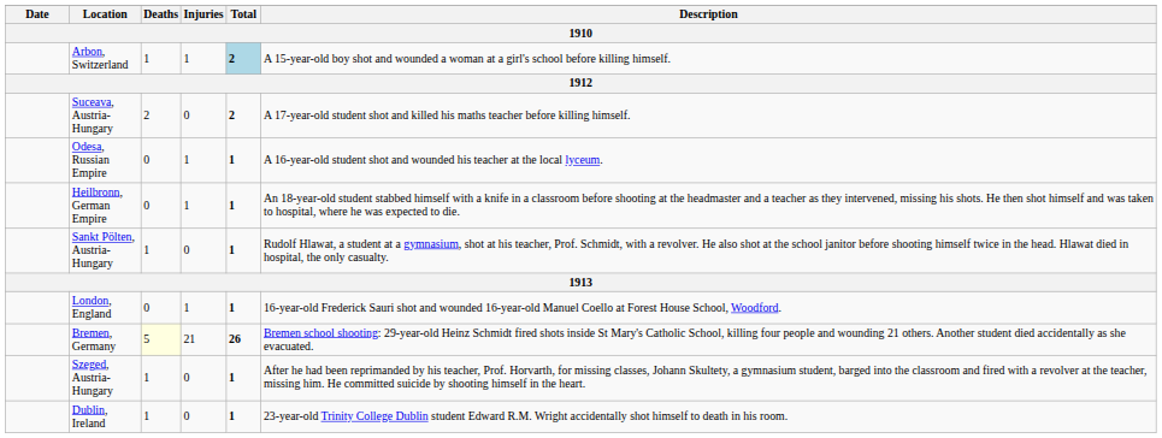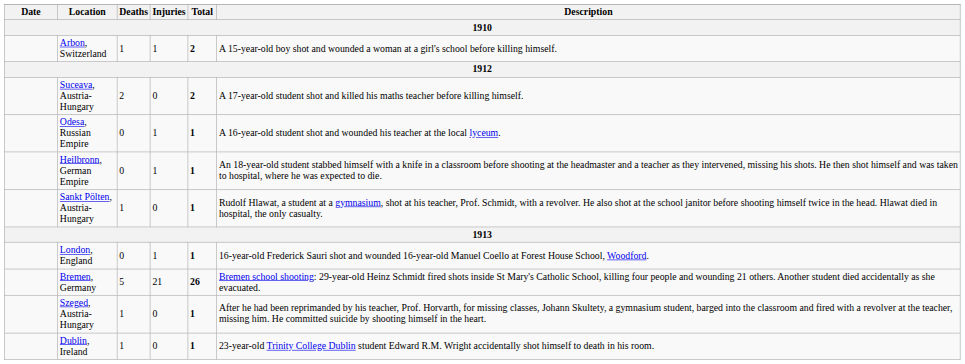 <table class="sortable wikitable" style="font-size:100%;" id="1910s">
 <tr>
 </tr>
 <tr>
 <th style="width:80px;">Date</th>
 <th style="width:90px;">Location</th>
 <th style="width:40px;">Deaths</th>
 <th style="width:40px;">Injuries</th>
 <th style="width:40px;">Total</th>
 <th class="unsortable">Description</th>
 </tr>
 <tr>
 <th colspan="7">1910 </th>
 </tr>
 <tr>
 <td></td>
 <td><a href='#'>Arbon</a>, Switzerland</td>
 <td>1</td>
 <td>1</td>
-<td style="background: lightblue;"><strong>2</strong></td>
+<td><strong>2</strong></td>
 <td>A 15-year-old boy shot and wounded a woman at a girl's school before killing himself.</td>
 </tr>
 <tr>
 <th colspan="7">1912 </th>
 </tr>
 <tr>
 <td></td>
 <td><a href='#'>Suceava</a>, Austria-Hungary</td>
 <td>2</td>
 <td>0</td>
 <td><strong>2</strong></td>
 <td>A 17-year-old student shot and killed his maths teacher before killing himself.</td>
 </tr>
 <tr>
 <td></td>
 <td><a href='#'>Odesa</a>, Russian Empire</td>
 <td>0</td>
 <td>1</td>
 <td><strong>1</strong></td>
 <td>A 16-year-old student shot and wounded his teacher at the local <a href='#'>lyceum</a>.</td>
 </tr>
 <tr>
 <td></td>
 <td><a href='#'>Heilbronn</a>, German Empire</td>
 <td>0</td>
 <td>1</td>
 <td><strong>1</strong></td>
 <td>An 18-year-old student stabbed himself with a knife in a classroom before shooting at the headmaster and a teacher as they intervened, missing his shots. He then shot himself and was taken to hospital, where he was expected to die.</td>
 </tr>
 <tr>
 <td></td>
 <td><a href='#'>Sankt Pölten</a>, Austria-Hungary</td>
 <td>1</td>
 <td>0</td>
 <td><strong>1</strong></td>
 <td>Rudolf Hlawat, a student at a <a href='#'>gymnasium</a>, shot at his teacher, Prof. Schmidt, with a revolver. He also shot at the school janitor before shooting himself twice in the head. Hlawat died in hospital, the only casualty.</td>
 </tr>
 <tr>
 <th colspan="7">1913 </th>
 </tr>
 <tr>
 <td></td>
 <td><a href='#'>London</a>, England</td>
 <td>0</td>
 <td>1</td>
 <td><strong>1</strong></td>
 <td>16-year-old Frederick Sauri shot and wounded 16-year-old Manuel Coello at Forest House School, <a href='#'>Woodford</a>.</td>
 </tr>
 <tr>
 <td></td>
 <td><a href='#'>Bremen</a>, Germany</td>
-<td style="background: lightyellow;">5</td>
+<td>5</td>
 <td>21</td>
 <td><strong>26</strong></td>
 <td><a href='#'>Bremen school shooting</a>: 29-year-old Heinz Schmidt fired shots inside St Mary's Catholic School, killing four people and wounding 21 others. Another student died accidentally as she evacuated.</td>
 </tr>
 <tr>
 <td></td>
 <td><a href='#'>Szeged</a>, Austria-Hungary</td>
 <td>1</td>
 <td>0</td>
 <td><strong>1</strong></td>
 <td>After he had been reprimanded by his teacher, Prof. Horvarth, for missing classes, Johann Skultety, a gymnasium student, barged into the classroom and fired with a revolver at the teacher, missing him. He committed suicide by shooting himself in the heart.</td>
 </tr>
 <tr>
 <td></td>
 <td><a href='#'>Dublin</a>, Ireland</td>
 <td>1</td>
 <td>0</td>
 <td><strong>1</strong></td>
 <td>23-year-old <a href='#'>Trinity College Dublin</a> student Edward R.M. Wright accidentally shot himself to death in his room.</td>
 </tr>
 </table>
